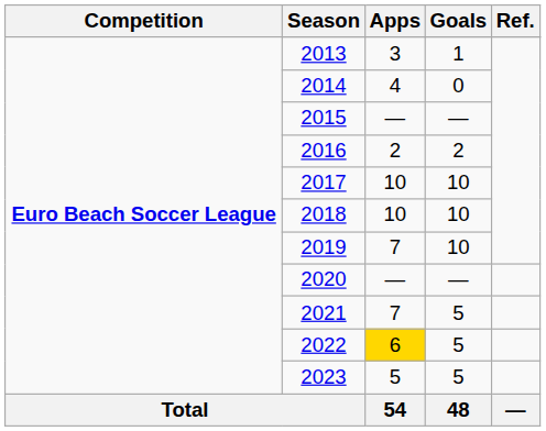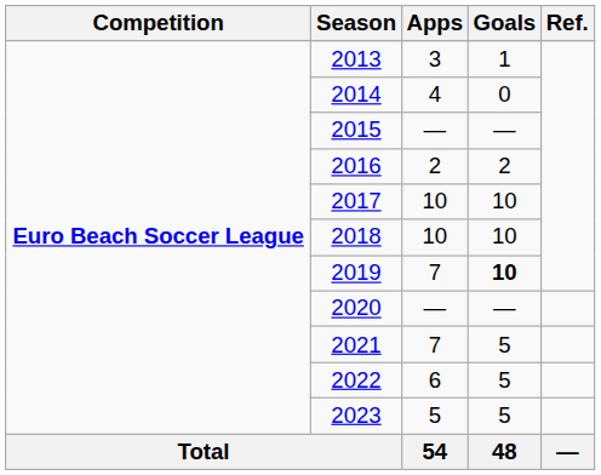 <table class="wikitable" style="text-align:center;">
 <tr>
 <th>Competition</th>
 <th>Season</th>
 <th>Apps</th>
 <th>Goals</th>
 <th>Ref.</th>
 </tr>
 <tr>
 <td rowspan="12" width=210><strong><a href='#'>Euro Beach Soccer League</a></strong></td>
 </tr>
 <tr>
 <td><a href='#'>2013</a></td>
 <td>3</td>
 <td>1</td>
 <td rowspan=7></td>
 </tr>
 <tr>
 <td><a href='#'>2014</a></td>
 <td>4</td>
 <td>0</td>
 </tr>
 <tr>
 <td><a href='#'>2015</a></td>
 <td>—</td>
 <td>—</td>
 </tr>
 <tr>
 <td><a href='#'>2016</a></td>
 <td>2</td>
 <td>2</td>
 </tr>
 <tr>
 <td><a href='#'>2017</a></td>
 <td>10</td>
 <td>10</td>
 </tr>
 <tr>
 <td><a href='#'>2018</a></td>
 <td>10</td>
 <td>10</td>
 </tr>
 <tr>
 <td><a href='#'>2019</a></td>
 <td>7</td>
-<td>10</td>
+<td><strong>10</strong></td>
 </tr>
 <tr>
 <td><a href='#'>2020</a></td>
 <td>—</td>
 <td>—</td>
 <td></td>
 </tr>
 <tr>
 <td><a href='#'>2021</a></td>
 <td>7</td>
 <td>5</td>
 <td></td>
 </tr>
 <tr>
 <td><a href='#'>2022</a></td>
-<td style="background: gold;">6</td>
+<td>6</td>
 <td>5</td>
 <td></td>
 </tr>
 <tr>
 <td><a href='#'>2023</a></td>
 <td>5</td>
 <td>5</td>
 <td></td>
 </tr>
 <tr>
 <th colspan=2>Total</th>
 <th>54</th>
 <th>48</th>
 <th>—</th>
 </tr>
 </table>
